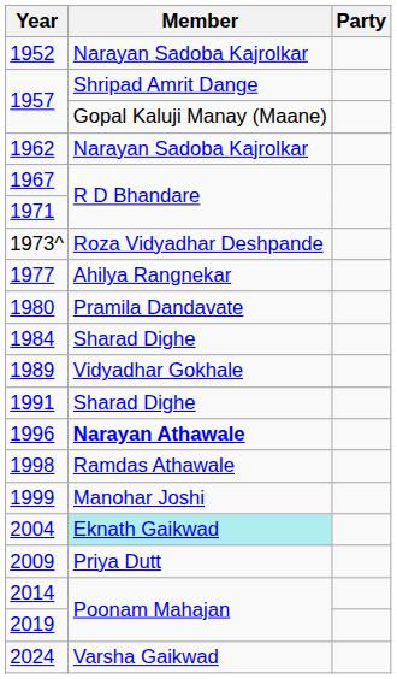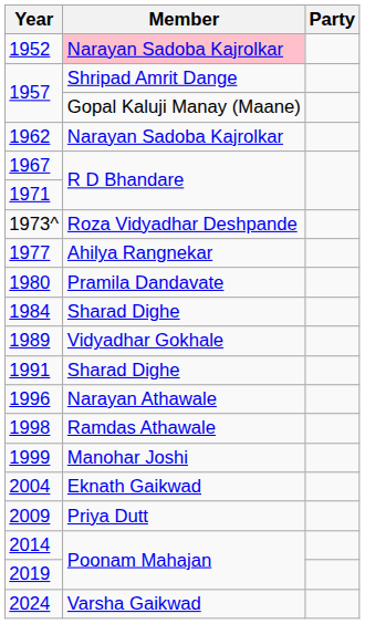 <table class="wikitable">
 <tr>
 <th>Year</th>
 <th>Member</th>
 <th colspan="2">Party</th>
 </tr>
 <tr>
 <td><a href='#'>1952</a></td>
-<td><a href='#'>Narayan Sadoba Kajrolkar</a></td>
+<td style="background: pink;"><a href='#'>Narayan Sadoba Kajrolkar</a></td>
 <td></td>
 </tr>
 <tr>
 <td rowspan="2"><a href='#'>1957</a></td>
 <td><a href='#'>Shripad Amrit Dange</a></td>
 <td></td>
 </tr>
 <tr>
 <td>Gopal Kaluji Manay (Maane)</td>
 <td></td>
 </tr>
 <tr>
 <td><a href='#'>1962</a></td>
 <td><a href='#'>Narayan Sadoba Kajrolkar</a></td>
 <td></td>
 </tr>
 <tr>
 <td><a href='#'>1967</a></td>
 <td rowspan="2"><a href='#'>R D Bhandare</a></td>
 </tr>
 <tr>
 <td><a href='#'>1971</a></td>
 </tr>
 <tr>
 <td>1973^</td>
 <td><a href='#'>Roza Vidyadhar Deshpande</a></td>
 <td></td>
 </tr>
 <tr>
 <td><a href='#'>1977</a></td>
 <td><a href='#'>Ahilya Rangnekar</a></td>
 <td></td>
 </tr>
 <tr>
 <td><a href='#'>1980</a></td>
 <td><a href='#'>Pramila Dandavate</a></td>
 <td></td>
 </tr>
 <tr>
 <td><a href='#'>1984</a></td>
 <td><a href='#'>Sharad Dighe</a></td>
 <td></td>
 </tr>
 <tr>
 <td><a href='#'>1989</a></td>
 <td><a href='#'>Vidyadhar Gokhale</a></td>
 <td></td>
 </tr>
 <tr>
 <td><a href='#'>1991</a></td>
 <td><a href='#'>Sharad Dighe</a></td>
 <td></td>
 </tr>
 <tr>
 <td><a href='#'>1996</a></td>
-<td><strong><a href='#'>Narayan Athawale</a></strong></td>
+<td><a href='#'>Narayan Athawale</a></td>
 <td></td>
 </tr>
 <tr>
 <td><a href='#'>1998</a></td>
 <td><a href='#'>Ramdas Athawale</a></td>
 <td></td>
 </tr>
 <tr>
 <td><a href='#'>1999</a></td>
 <td><a href='#'>Manohar Joshi</a></td>
 <td></td>
 </tr>
 <tr>
 <td><a href='#'>2004</a></td>
-<td style="background: paleturquoise;"><a href='#'>Eknath Gaikwad</a></td>
+<td><a href='#'>Eknath Gaikwad</a></td>
 <td></td>
 </tr>
 <tr>
 <td><a href='#'>2009</a></td>
 <td><a href='#'>Priya Dutt</a></td>
 </tr>
 <tr>
 <td><a href='#'>2014</a></td>
 <td rowspan="2"><a href='#'>Poonam Mahajan</a></td>
 <td></td>
 </tr>
 <tr>
 <td><a href='#'>2019</a></td>
 </tr>
 <tr>
 <td><a href='#'>2024</a></td>
 <td><a href='#'>Varsha Gaikwad</a></td>
 <td></td>
 </tr>
 </table>
